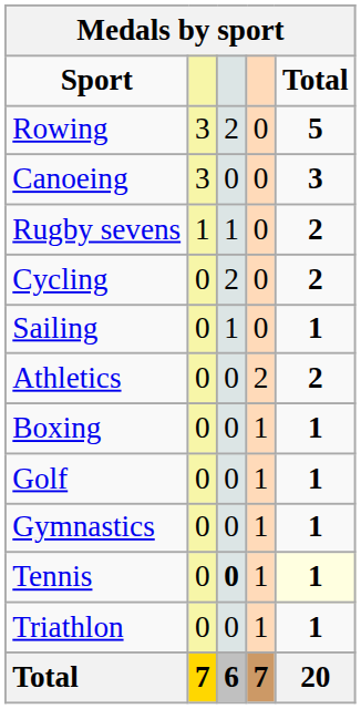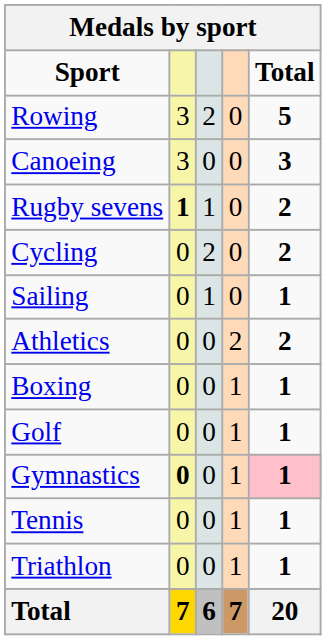 <table class="wikitable" style="text-align:center;font-size:90%">
 <tr style="background:#efefef;">
 <th colspan=7>Medals by sport</th>
 </tr>
 <tr>
 <td><strong>Sport</strong></td>
 <td bgcolor=#f7f6a8></td>
 <td bgcolor=#dce5e5></td>
 <td bgcolor=#ffdab9></td>
 <td><strong>Total</strong></td>
 </tr>
 <tr>
 <td style="text-align:left;"><a href='#'>Rowing</a></td>
 <td style="background:#F7F6A8;">3</td>
 <td style="background:#DCE5E5;">2</td>
 <td style="background:#FFDAB9;">0</td>
 <td><strong>5</strong></td>
 </tr>
 <tr>
 <td style="text-align:left;"><a href='#'>Canoeing</a></td>
 <td style="background:#F7F6A8;">3</td>
 <td style="background:#DCE5E5;">0</td>
 <td style="background:#FFDAB9;">0</td>
 <td><strong>3</strong></td>
 </tr>
 <tr>
 <td style="text-align:left;"><a href='#'>Rugby sevens</a></td>
-<td style="background:#F7F6A8;">1</td>
+<td style="background:#F7F6A8;"><strong>1</strong></td>
 <td style="background:#DCE5E5;">1</td>
 <td style="background:#FFDAB9;">0</td>
 <td><strong>2</strong></td>
 </tr>
 <tr>
 <td style="text-align:left;"><a href='#'>Cycling</a></td>
 <td style="background:#F7F6A8;">0</td>
 <td style="background:#DCE5E5;">2</td>
 <td style="background:#FFDAB9;">0</td>
 <td><strong>2</strong></td>
 </tr>
 <tr>
 <td style="text-align:left;"><a href='#'>Sailing</a></td>
 <td style="background:#F7F6A8;">0</td>
 <td style="background:#DCE5E5;">1</td>
 <td style="background:#FFDAB9;">0</td>
 <td><strong>1</strong></td>
 </tr>
 <tr>
 <td style="text-align:left;"><a href='#'>Athletics</a></td>
 <td style="background:#F7F6A8;">0</td>
 <td style="background:#DCE5E5;">0</td>
 <td style="background:#FFDAB9;">2</td>
 <td><strong>2</strong></td>
 </tr>
 <tr>
 <td style="text-align:left;"><a href='#'>Boxing</a></td>
 <td style="background:#F7F6A8;">0</td>
 <td style="background:#DCE5E5;">0</td>
 <td style="background:#FFDAB9;">1</td>
 <td><strong>1</strong></td>
 </tr>
 <tr>
 <td style="text-align:left;"><a href='#'>Golf</a></td>
 <td style="background:#F7F6A8;">0</td>
 <td style="background:#DCE5E5;">0</td>
 <td style="background:#FFDAB9;">1</td>
 <td><strong>1</strong></td>
 </tr>
 <tr>
 <td style="text-align:left;"><a href='#'>Gymnastics</a></td>
+<td style="background:#F7F6A8;"><strong>0</strong></td>
+<td style="background:#DCE5E5;">0</td>
+<td style="background:#FFDAB9;">1</td>
+<td style="background: pink;"><strong>1</strong></td>
+</tr>
+<tr>
+<td style="text-align:left;"><a href='#'>Tennis</a></td>
 <td style="background:#F7F6A8;">0</td>
 <td style="background:#DCE5E5;">0</td>
 <td style="background:#FFDAB9;">1</td>
 <td><strong>1</strong></td>
-</tr>
-<tr>
-<td style="text-align:left;"><a href='#'>Tennis</a></td>
-<td style="background:#F7F6A8;">0</td>
-<td style="background:#DCE5E5;"><strong>0</strong></td>
-<td style="background:#FFDAB9;">1</td>
-<td style="background: lightyellow;"><strong>1</strong></td>
 </tr>
 <tr>
 <td style="text-align:left;"><a href='#'>Triathlon</a></td>
 <td style="background:#F7F6A8;">0</td>
 <td style="background:#DCE5E5;">0</td>
 <td style="background:#FFDAB9;">1</td>
 <td><strong>1</strong></td>
 </tr>
 <tr>
 <th style="text-align:left;">Total</th>
 <th style="background:gold;">7</th>
 <th style="background:silver;">6</th>
 <th style="background:#c96;">7</th>
 <th>20</th>
 </tr>
 </table>
